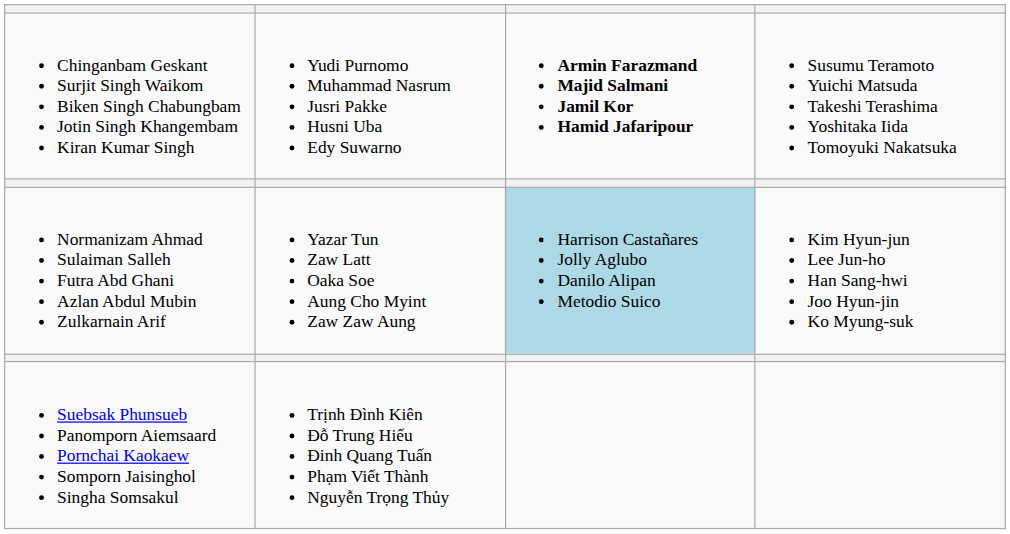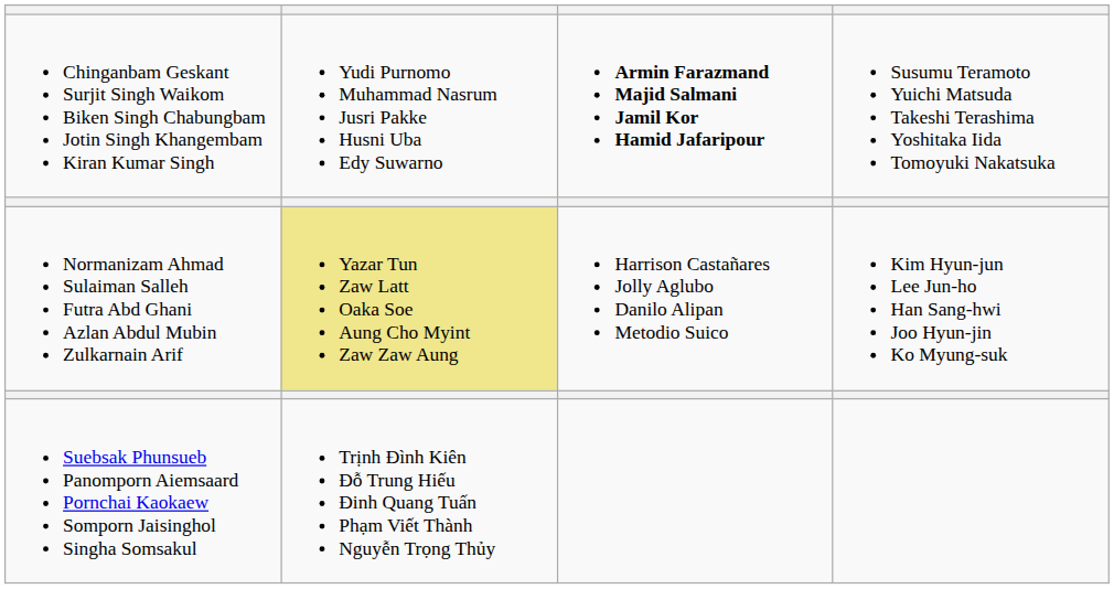 <table class="wikitable" style="font-size:90%">
 <tr>
 <th width=200></th>
 <th width=200></th>
 <th width=200></th>
 <th width=200></th>
 </tr>
 <tr>
 <td valign=top><br><ul><li>Chinganbam Geskant</li><li>Surjit Singh Waikom</li><li>Biken Singh Chabungbam</li><li>Jotin Singh Khangembam</li><li>Kiran Kumar Singh</li></ul></td>
 <td valign=top><br><ul><li>Yudi Purnomo</li><li>Muhammad Nasrum</li><li>Jusri Pakke</li><li>Husni Uba</li><li>Edy Suwarno</li></ul></td>
 <td valign=top><strong><br><ul><li>Armin Farazmand</li><li>Majid Salmani</li><li>Jamil Kor</li><li>Hamid Jafaripour</li></ul></strong></td>
 <td valign=top><br><ul><li>Susumu Teramoto</li><li>Yuichi Matsuda</li><li>Takeshi Terashima</li><li>Yoshitaka Iida</li><li>Tomoyuki Nakatsuka</li></ul></td>
 </tr>
 <tr>
 <th></th>
 <th></th>
 <th></th>
 <th></th>
 </tr>
 <tr>
 <td valign=top><br><ul><li>Normanizam Ahmad</li><li>Sulaiman Salleh</li><li>Futra Abd Ghani</li><li>Azlan Abdul Mubin</li><li>Zulkarnain Arif</li></ul></td>
-<td valign=top><br><ul><li>Yazar Tun</li><li>Zaw Latt</li><li>Oaka Soe</li><li>Aung Cho Myint</li><li>Zaw Zaw Aung</li></ul></td>
-<td valign=top style="background: lightblue;"><br><ul><li>Harrison Castañares</li><li>Jolly Aglubo</li><li>Danilo Alipan</li><li>Metodio Suico</li></ul></td>
+<td valign=top style="background: khaki;"><br><ul><li>Yazar Tun</li><li>Zaw Latt</li><li>Oaka Soe</li><li>Aung Cho Myint</li><li>Zaw Zaw Aung</li></ul></td>
+<td valign=top><br><ul><li>Harrison Castañares</li><li>Jolly Aglubo</li><li>Danilo Alipan</li><li>Metodio Suico</li></ul></td>
 <td valign=top><br><ul><li>Kim Hyun-jun</li><li>Lee Jun-ho</li><li>Han Sang-hwi</li><li>Joo Hyun-jin</li><li>Ko Myung-suk</li></ul></td>
 </tr>
 <tr>
 <th></th>
 <th></th>
 <th></th>
 <th></th>
 </tr>
 <tr>
 <td valign=top><br><ul><li><a href='#'>Suebsak Phunsueb</a></li><li>Panomporn Aiemsaard</li><li><a href='#'>Pornchai Kaokaew</a></li><li>Somporn Jaisinghol</li><li>Singha Somsakul</li></ul></td>
 <td valign=top><br><ul><li>Trịnh Đình Kiên</li><li>Đỗ Trung Hiếu</li><li>Đinh Quang Tuấn</li><li>Phạm Viết Thành</li><li>Nguyễn Trọng Thủy</li></ul></td>
 <td valign=top></td>
 <td valign=top></td>
 </tr>
 </table>
